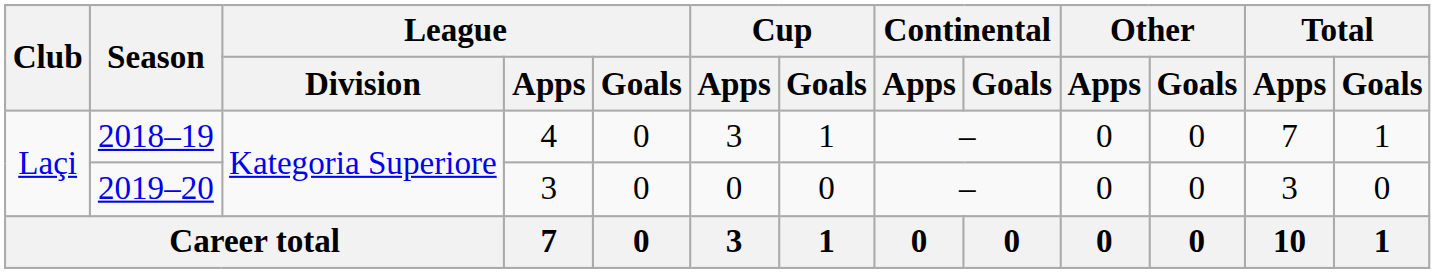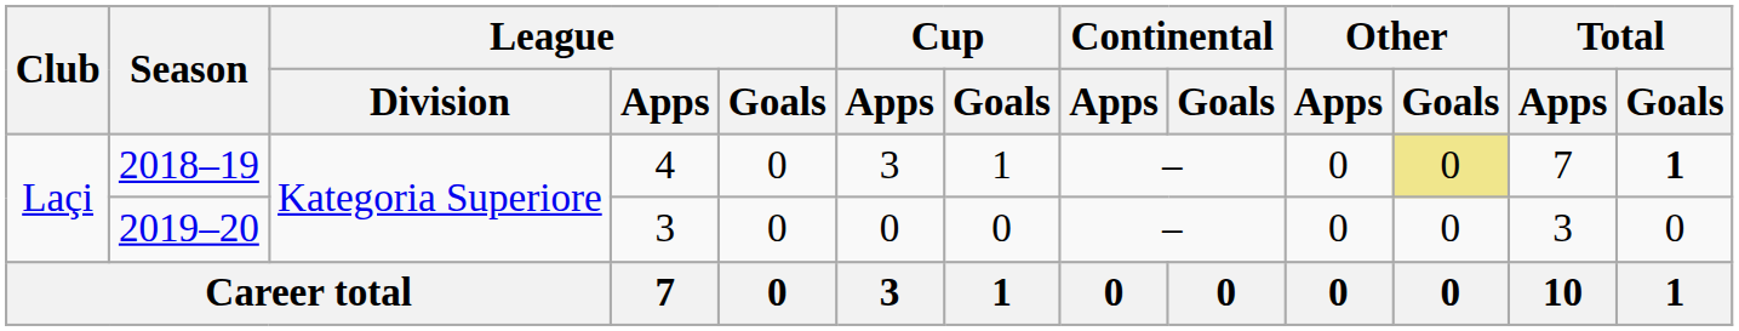 <table class="wikitable" style="text-align: center">
 <tr>
 <th rowspan="2">Club</th>
 <th rowspan="2">Season</th>
 <th colspan="3">League</th>
 <th colspan="2">Cup</th>
 <th colspan="2">Continental</th>
 <th colspan="2">Other</th>
 <th colspan="2">Total</th>
 </tr>
 <tr>
 <th>Division</th>
 <th>Apps</th>
 <th>Goals</th>
 <th>Apps</th>
 <th>Goals</th>
 <th>Apps</th>
 <th>Goals</th>
 <th>Apps</th>
 <th>Goals</th>
 <th>Apps</th>
 <th>Goals</th>
 </tr>
 <tr>
 <td rowspan="2"><a href='#'>Laçi</a></td>
 <td><a href='#'>2018–19</a></td>
 <td rowspan="2"><a href='#'>Kategoria Superiore</a></td>
 <td>4</td>
 <td>0</td>
 <td>3</td>
 <td>1</td>
 <td colspan="2">–</td>
 <td>0</td>
-<td>0</td>
+<td style="background: khaki;">0</td>
 <td>7</td>
-<td>1</td>
+<td><strong>1</strong></td>
 </tr>
 <tr>
 <td><a href='#'>2019–20</a></td>
 <td>3</td>
 <td>0</td>
 <td>0</td>
 <td>0</td>
 <td colspan="2">–</td>
 <td>0</td>
 <td>0</td>
 <td>3</td>
 <td>0</td>
 </tr>
 <tr>
 <th colspan="3"><strong>Career total</strong></th>
 <th>7</th>
 <th>0</th>
 <th>3</th>
 <th>1</th>
 <th>0</th>
 <th>0</th>
 <th>0</th>
 <th>0</th>
 <th>10</th>
 <th>1</th>
 </tr>
 </table>
